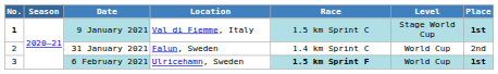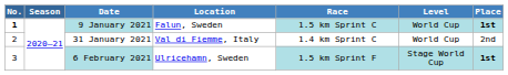 <table class="wikitable sortable" style="font-size:95%; text-align:center; border:grey solid 1px; border-collapse:collapse; background:#ffffff;">
 <tr style="background:#efefef;">
 <th style="background-color:#369; color:white;">No.</th>
 <th style="background-color:#369; color:white;">Season</th>
 <th style="background-color:#4180be; color:white; width:120px;">Date</th>
 <th style="background-color:#4180be; color:white; width:170px;">Location</th>
 <th style="background-color:#4180be; color:white; width:170px;">Race</th>
 <th style="background-color:#4180be; color:white; width:100px;">Level</th>
 <th style="background-color:#4180be; color:white;">Place</th>
 </tr>
 <tr>
 <td align=center><strong>1</strong></td>
 <td rowspan=3 align=center><a href='#'>2020–21</a></td>
 <td bgcolor="#BOEOE6" align=right>9 January 2021</td>
-<td align=left> <a href='#'>Val di Fiemme</a>, Italy</td>
+<td align=left> <a href='#'>Falun</a>, Sweden</td>
 <td bgcolor="#BOEOE6">1.5 km Sprint C</td>
-<td bgcolor="#BOEOE6">Stage World Cup</td>
+<td bgcolor="#BOEOE6">World Cup</td>
 <td bgcolor="#BOEOE6"><strong>1st</strong></td>
 </tr>
 <tr>
 <td align=center>2</td>
 <td align=right>31 January 2021</td>
-<td align=left> <a href='#'>Falun</a>, Sweden</td>
+<td align=left> <a href='#'>Val di Fiemme</a>, Italy</td>
 <td>1.4 km Sprint C</td>
 <td>World Cup</td>
 <td>2nd</td>
 </tr>
 <tr>
 <td align=center>3</td>
 <td bgcolor="#BOEOE6" align=right>6 February 2021</td>
 <td align=left> <a href='#'>Ulricehamn</a>, Sweden</td>
-<td bgcolor="#BOEOE6"><strong>1.5 km Sprint F</strong></td>
-<td bgcolor="#BOEOE6">World Cup</td>
+<td bgcolor="#BOEOE6">1.5 km Sprint F</td>
+<td bgcolor="#BOEOE6">Stage World Cup</td>
 <td bgcolor="#BOEOE6"><strong>1st</strong></td>
 </tr>
 </table>
